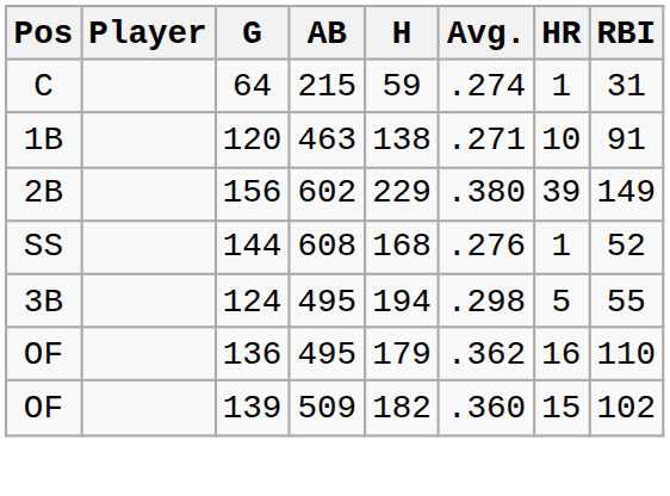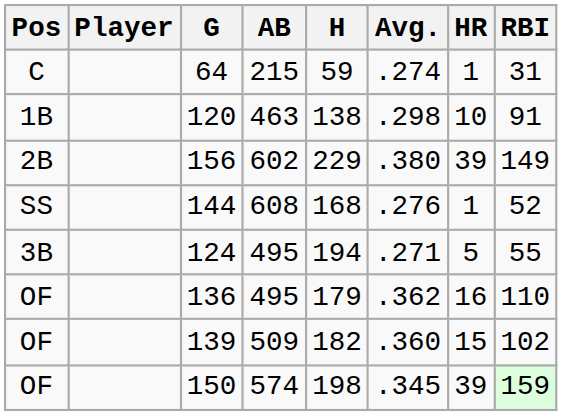 <table class="wikitable sortable" style="text-align:center;">
 <tr>
 <th>Pos</th>
 <th>Player</th>
 <th>G</th>
 <th>AB</th>
 <th>H</th>
 <th>Avg.</th>
 <th>HR</th>
 <th>RBI</th>
 </tr>
 <tr>
 <td>C</td>
 <td></td>
 <td>64</td>
 <td>215</td>
 <td>59</td>
 <td>.274</td>
 <td>1</td>
 <td>31</td>
 </tr>
 <tr>
 <td>1B</td>
 <td></td>
 <td>120</td>
 <td>463</td>
 <td>138</td>
-<td>.271</td>
+<td>.298</td>
 <td>10</td>
 <td>91</td>
 </tr>
 <tr>
 <td>2B</td>
 <td></td>
 <td>156</td>
 <td>602</td>
 <td>229</td>
 <td>.380</td>
 <td>39</td>
 <td>149</td>
 </tr>
 <tr>
 <td>SS</td>
 <td></td>
 <td>144</td>
 <td>608</td>
 <td>168</td>
 <td>.276</td>
 <td>1</td>
 <td>52</td>
 </tr>
 <tr>
 <td>3B</td>
 <td></td>
 <td>124</td>
 <td>495</td>
 <td>194</td>
-<td>.298</td>
+<td>.271</td>
 <td>5</td>
 <td>55</td>
 </tr>
 <tr>
 <td>OF</td>
 <td></td>
 <td>136</td>
 <td>495</td>
 <td>179</td>
 <td>.362</td>
 <td>16</td>
 <td>110</td>
 </tr>
 <tr>
 <td>OF</td>
 <td></td>
 <td>139</td>
 <td>509</td>
 <td>182</td>
 <td>.360</td>
 <td>15</td>
 <td>102</td>
 </tr>
+<tr>
+<td>OF</td>
+<td></td>
+<td>150</td>
+<td>574</td>
+<td>198</td>
+<td>.345</td>
+<td>39</td>
+<td style="background:#DDFFDD;">159</td>
+</tr>
 </table>
